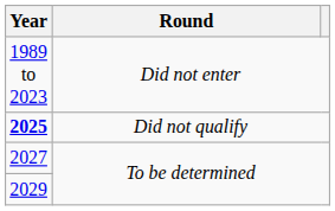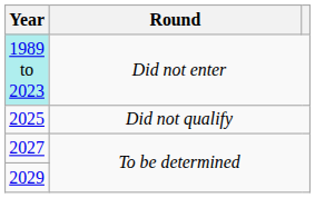 <table class="wikitable" style="text-align: center; font-size:90%">
 <tr>
 <th>Year</th>
 <th style="width:200px">Round</th>
 <th></th>
 </tr>
 <tr>
-<td><a href='#'>1989</a><br>to<br><a href='#'>2023</a></td>
+<td style="background: paleturquoise;"><a href='#'>1989</a><br>to<br><a href='#'>2023</a></td>
 <td colspan="2"><em>Did not enter</em></td>
 </tr>
 <tr>
-<td><strong><a href='#'>2025</a></strong></td>
+<td><a href='#'>2025</a></td>
 <td colspan="2"><em>Did not qualify</em></td>
 </tr>
 <tr>
 <td><a href='#'>2027</a></td>
 <td colspan="2" rowspan="2"><em>To be determined</em></td>
 </tr>
 <tr>
 <td><a href='#'>2029</a></td>
 </tr>
 </table>
